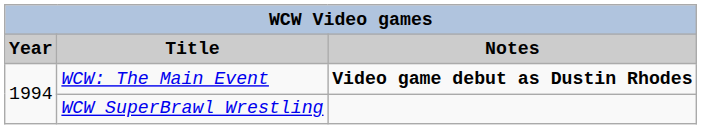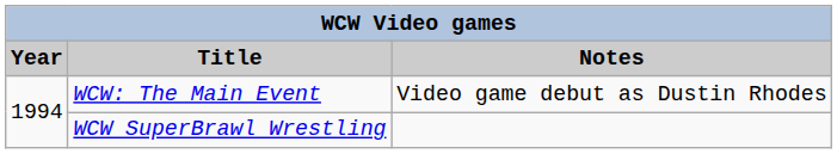 <table class="wikitable sortable">
 <tr style="text-align:center;">
 <th colspan=4 style="background:#B0C4DE;">WCW Video games</th>
 </tr>
 <tr style="text-align:center;">
 <th style="background:#ccc;">Year</th>
 <th style="background:#ccc;">Title</th>
 <th style="background:#ccc;">Notes</th>
 </tr>
 <tr>
 <td rowspan="2">1994</td>
 <td><em><a href='#'>WCW: The Main Event</a></em></td>
-<td><strong>Video game debut as Dustin Rhodes</strong></td>
+<td>Video game debut as Dustin Rhodes</td>
 </tr>
 <tr>
 <td><em><a href='#'>WCW SuperBrawl Wrestling</a></em></td>
 <td></td>
 </tr>
 </table>
